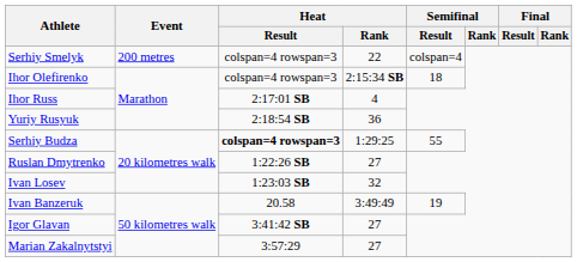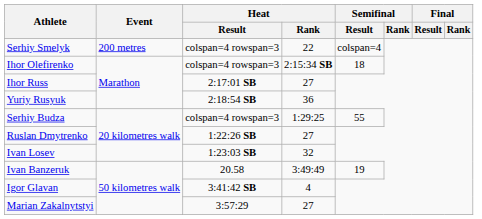 <table class="wikitable" style="font-size:90%">
 <tr>
 <th rowspan="2">Athlete</th>
 <th rowspan="2">Event</th>
 <th colspan="2">Heat</th>
 <th colspan="2">Semifinal</th>
 <th colspan="2">Final</th>
 </tr>
 <tr style="font-size:95%">
 <th>Result</th>
 <th>Rank</th>
 <th>Result</th>
 <th>Rank</th>
 <th>Result</th>
 <th>Rank</th>
 </tr>
 <tr style=text-align:center>
 <td style=text-align:left><a href='#'>Serhiy Smelyk</a></td>
 <td style=text-align:left><a href='#'>200 metres</a></td>
 <td>colspan=4 rowspan=3 </td>
 <td>22</td>
 <td>colspan=4 </td>
 </tr>
 <tr style=text-align:center>
 <td style=text-align:left><a href='#'>Ihor Olefirenko</a></td>
 <td style=text-align:left rowspan=3><a href='#'>Marathon</a></td>
 <td>colspan=4 rowspan=3 </td>
 <td>2:15:34 <strong>SB</strong></td>
 <td>18</td>
 </tr>
 <tr style=text-align:center>
 <td style=text-align:left><a href='#'>Ihor Russ</a></td>
 <td>2:17:01 <strong>SB</strong></td>
-<td>4</td>
+<td>27</td>
 </tr>
 <tr style=text-align:center>
 <td style=text-align:left><a href='#'>Yuriy Rusyuk</a></td>
 <td>2:18:54 <strong>SB</strong></td>
 <td>36</td>
 </tr>
 <tr style=text-align:center>
 <td style=text-align:left><a href='#'>Serhiy Budza</a></td>
 <td style=text-align:left rowspan=3><a href='#'>20 kilometres walk</a></td>
-<td><strong>colspan=4 rowspan=3 </strong></td>
+<td>colspan=4 rowspan=3 </td>
 <td>1:29:25</td>
 <td>55</td>
 </tr>
 <tr style=text-align:center>
 <td style=text-align:left><a href='#'>Ruslan Dmytrenko</a></td>
 <td>1:22:26 <strong>SB</strong></td>
 <td>27</td>
 </tr>
 <tr style=text-align:center>
 <td style=text-align:left><a href='#'>Ivan Losev</a></td>
 <td>1:23:03 <strong>SB</strong></td>
 <td>32</td>
 </tr>
 <tr style=text-align:center>
 <td style=text-align:left><a href='#'>Ivan Banzeruk</a></td>
 <td style=text-align:left rowspan=3><a href='#'>50 kilometres walk</a></td>
 <td>20.58</td>
 <td>3:49:49</td>
 <td>19</td>
 </tr>
 <tr style=text-align:center>
 <td style=text-align:left><a href='#'>Igor Glavan</a></td>
 <td>3:41:42 <strong>SB</strong></td>
-<td>27</td>
+<td>4</td>
 </tr>
 <tr style=text-align:center>
 <td style=text-align:left><a href='#'>Marian Zakalnytstyi</a></td>
 <td>3:57:29</td>
 <td>27</td>
 </tr>
 </table>
